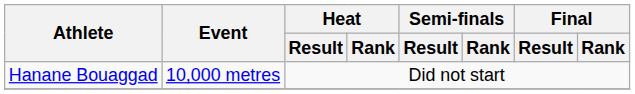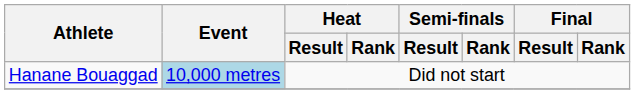 <table class="wikitable" style="font-size:90%; text-align:center">
 <tr>
 <th rowspan="2">Athlete</th>
 <th rowspan="2">Event</th>
 <th colspan="2">Heat</th>
 <th colspan="2">Semi-finals</th>
 <th colspan="2">Final</th>
 </tr>
 <tr>
 <th>Result</th>
 <th>Rank</th>
 <th>Result</th>
 <th>Rank</th>
 <th>Result</th>
 <th>Rank</th>
 </tr>
 <tr>
 <td align="left"><a href='#'>Hanane Bouaggad</a></td>
-<td align="left"><a href='#'>10,000 metres</a></td>
+<td align="left" style="background: lightblue;"><a href='#'>10,000 metres</a></td>
 <td colspan="6">Did not start</td>
 </tr>
 <tr>
 </tr>
 </table>
